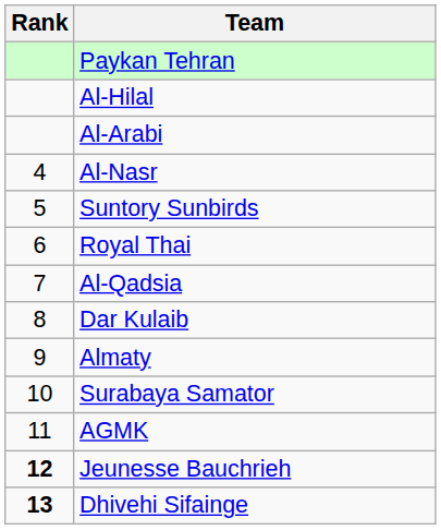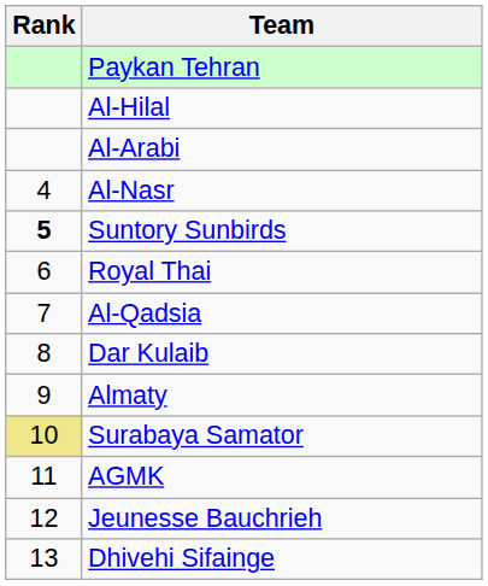 <table class="wikitable" style="text-align: center;">
 <tr>
 <th width=40>Rank</th>
 <th width=240>Team</th>
 </tr>
 <tr bgcolor=#CCFFCC>
 <td></td>
 <td align="left"> <a href='#'>Paykan Tehran</a></td>
 </tr>
 <tr>
 <td></td>
 <td align="left"> <a href='#'>Al-Hilal</a></td>
 </tr>
 <tr>
 <td></td>
 <td align="left"> <a href='#'>Al-Arabi</a></td>
 </tr>
 <tr>
 <td>4</td>
 <td align="left"> <a href='#'>Al-Nasr</a></td>
 </tr>
 <tr>
-<td>5</td>
+<td><strong>5</strong></td>
 <td align="left"> <a href='#'>Suntory Sunbirds</a></td>
 </tr>
 <tr>
 <td>6</td>
 <td align="left"> <a href='#'>Royal Thai</a></td>
 </tr>
 <tr>
 <td>7</td>
 <td align="left"> <a href='#'>Al-Qadsia</a></td>
 </tr>
 <tr>
 <td>8</td>
 <td align="left"> <a href='#'>Dar Kulaib</a></td>
 </tr>
 <tr>
 <td>9</td>
 <td align="left"> <a href='#'>Almaty</a></td>
 </tr>
 <tr>
-<td>10</td>
+<td style="background: khaki;">10</td>
 <td align="left"> <a href='#'>Surabaya Samator</a></td>
 </tr>
 <tr>
 <td>11</td>
 <td align="left"> <a href='#'>AGMK</a></td>
 </tr>
 <tr>
-<td><strong>12</strong></td>
+<td>12</td>
 <td align="left"> <a href='#'>Jeunesse Bauchrieh</a></td>
 </tr>
 <tr>
-<td><strong>13</strong></td>
+<td>13</td>
 <td align="left"> <a href='#'>Dhivehi Sifainge</a></td>
 </tr>
 </table>
